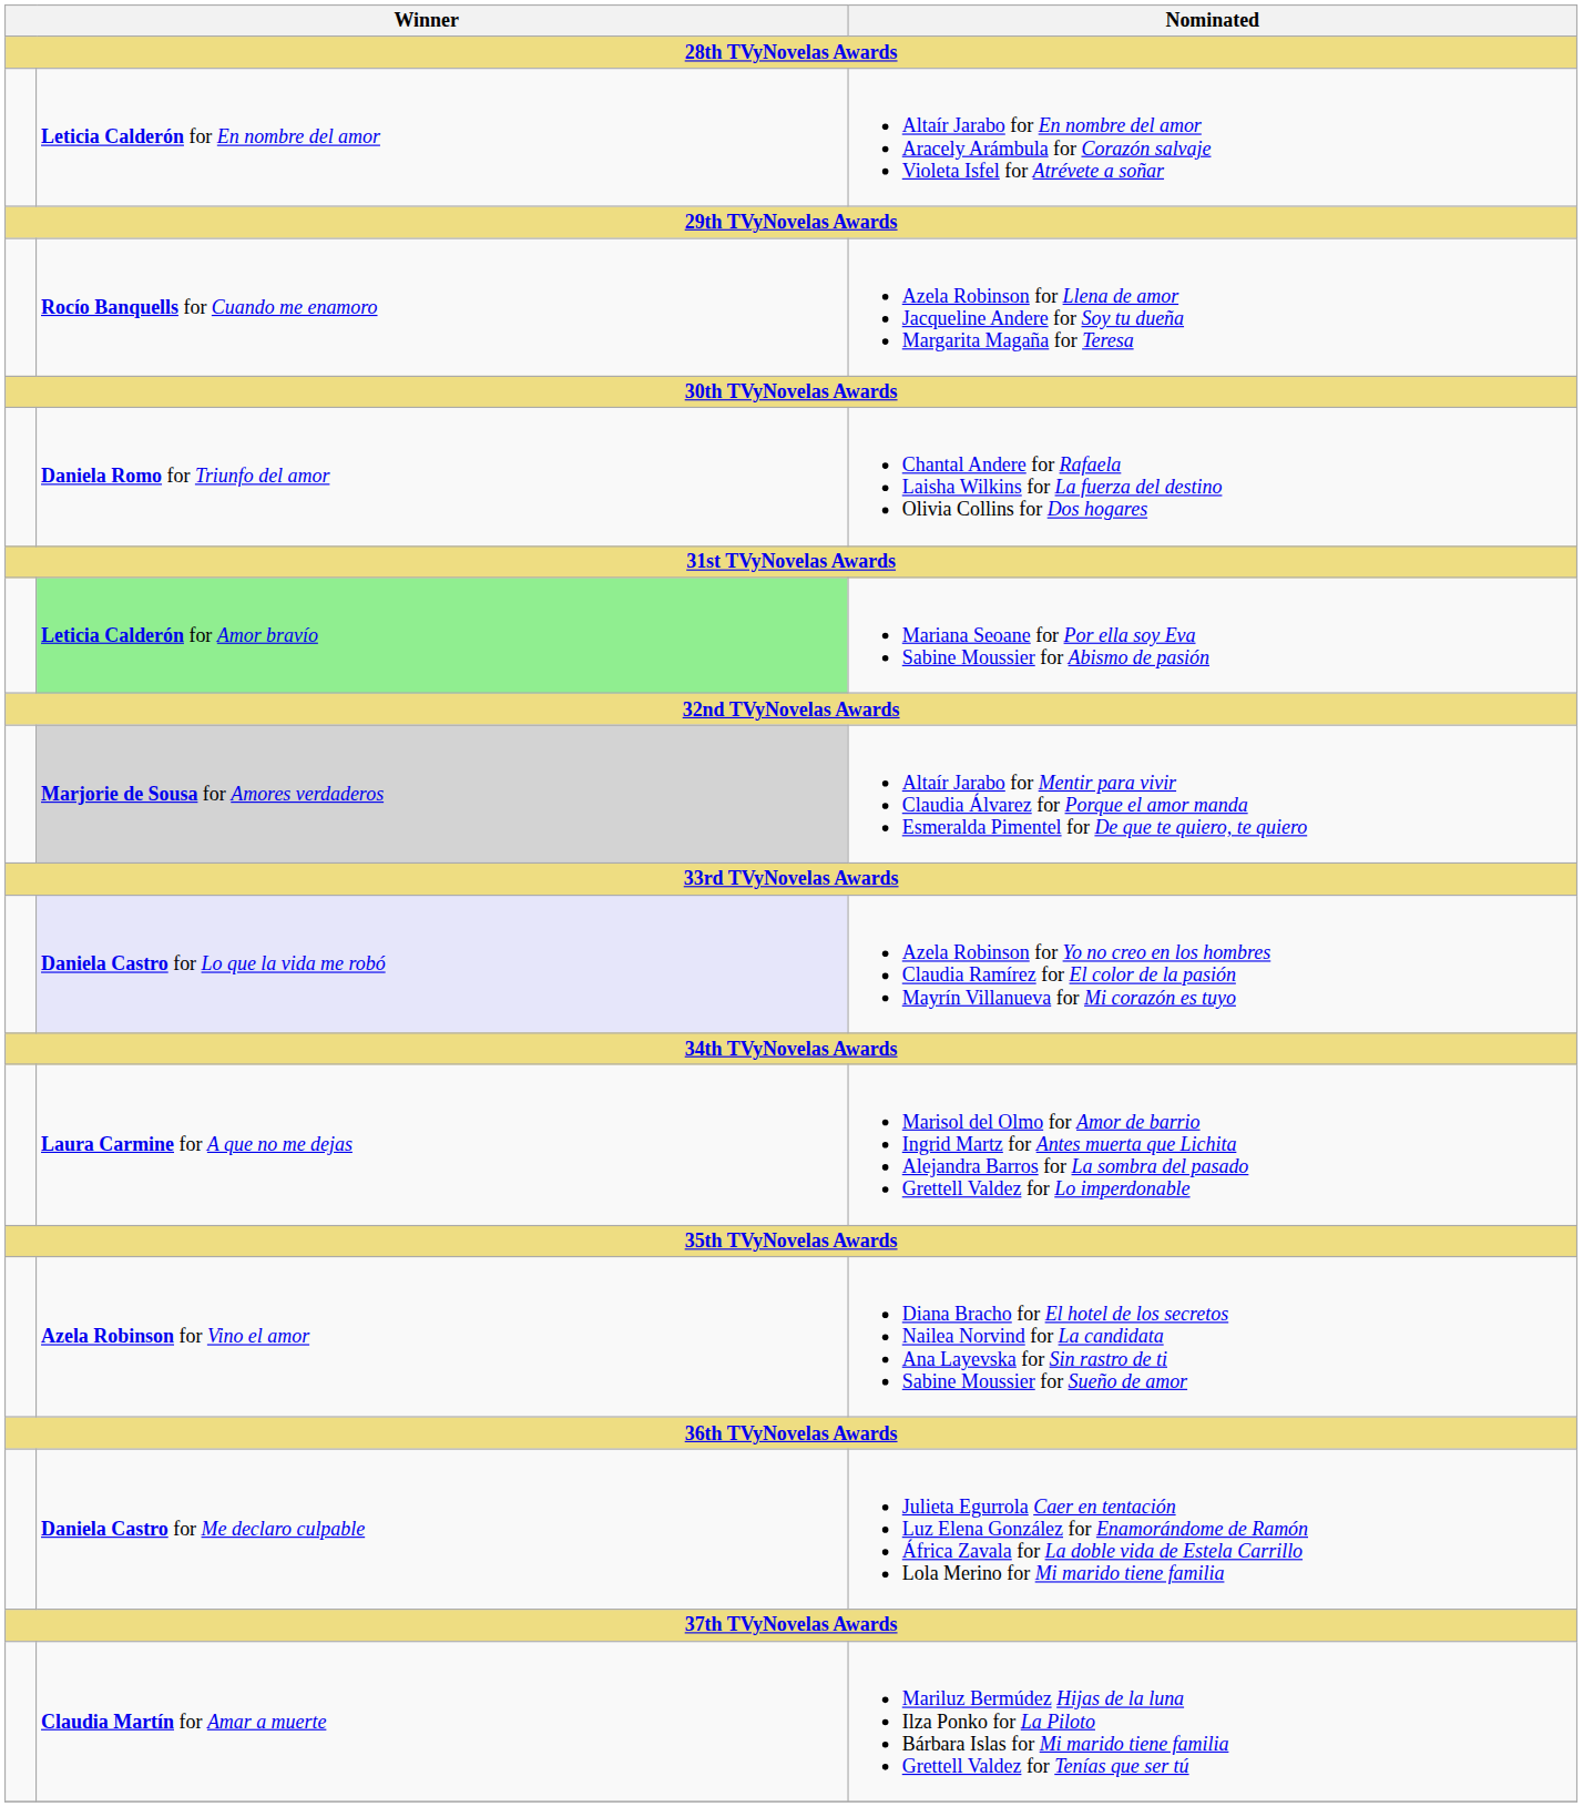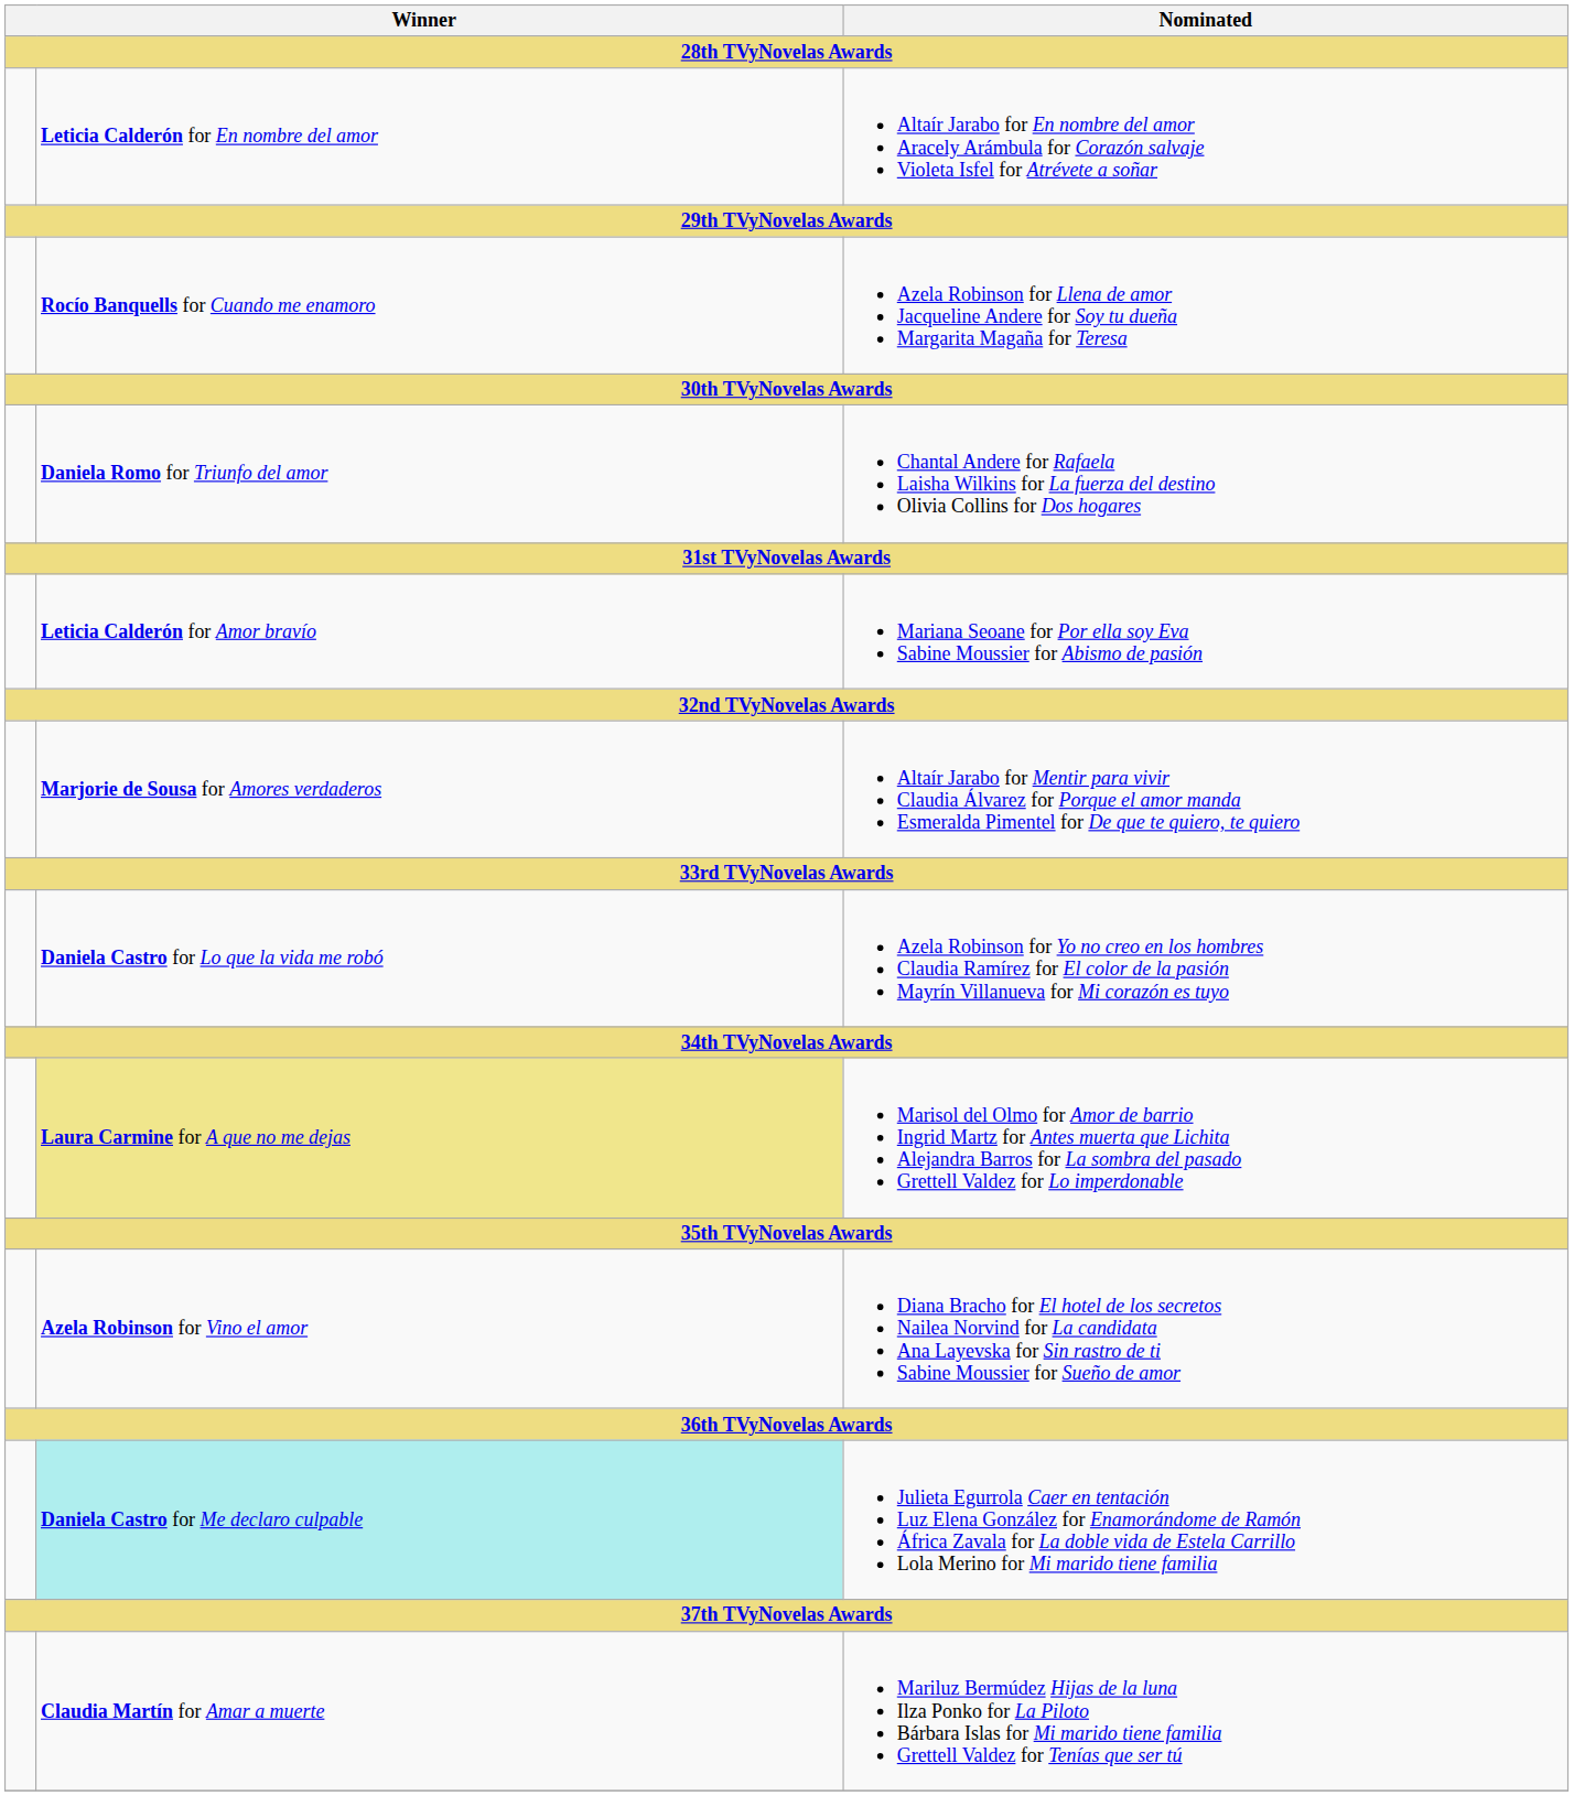 <table class="wikitable" width=80%>
 <tr align=center>
 <th width="150px;" colspan=2; align="center">Winner</th>
 <th width="580px;" align="center">Nominated</th>
 </tr>
 <tr>
 <th colspan=9 style="background:#EEDD82;"  align="center"><strong><a href='#'>28th TVyNovelas Awards</a></strong></th>
 </tr>
 <tr>
 <td width=2%></td>
 <td><strong><a href='#'>Leticia Calderón</a></strong> for <em><a href='#'>En nombre del amor</a></em></td>
 <td><br><ul><li><a href='#'>Altaír Jarabo</a> for <em><a href='#'>En nombre del amor</a></em></li><li><a href='#'>Aracely Arámbula</a> for <em><a href='#'>Corazón salvaje</a></em></li><li><a href='#'>Violeta Isfel</a> for <em><a href='#'>Atrévete a soñar</a></em></li></ul></td>
 </tr>
 <tr>
 <th colspan=9 style="background:#EEDD82;"  align="center"><strong><a href='#'>29th TVyNovelas Awards</a></strong></th>
 </tr>
 <tr>
 <td width=2%></td>
 <td><strong><a href='#'>Rocío Banquells</a></strong> for <em><a href='#'>Cuando me enamoro</a></em></td>
 <td><br><ul><li><a href='#'>Azela Robinson</a> for <em><a href='#'>Llena de amor</a></em></li><li><a href='#'>Jacqueline Andere</a> for <em><a href='#'>Soy tu dueña</a></em></li><li><a href='#'>Margarita Magaña</a> for <em><a href='#'>Teresa</a></em></li></ul></td>
 </tr>
 <tr>
 <th colspan=9 style="background:#EEDD82;"  align="center"><strong><a href='#'>30th TVyNovelas Awards</a></strong></th>
 </tr>
 <tr>
 <td width=2%></td>
 <td><strong><a href='#'>Daniela Romo</a></strong> for <em><a href='#'>Triunfo del amor</a></em></td>
 <td><br><ul><li><a href='#'>Chantal Andere</a> for <em><a href='#'>Rafaela</a></em></li><li><a href='#'>Laisha Wilkins</a> for <em><a href='#'>La fuerza del destino</a></em></li><li>Olivia Collins for <em><a href='#'>Dos hogares</a></em></li></ul></td>
 </tr>
 <tr>
 <th colspan=9 style="background:#EEDD82;"  align="center"><strong><a href='#'>31st TVyNovelas Awards</a></strong></th>
 </tr>
 <tr>
 <td width=2%></td>
-<td style="background: lightgreen;"><strong><a href='#'>Leticia Calderón</a></strong> for <em><a href='#'>Amor bravío</a></em></td>
+<td><strong><a href='#'>Leticia Calderón</a></strong> for <em><a href='#'>Amor bravío</a></em></td>
 <td><br><ul><li><a href='#'>Mariana Seoane</a> for <em><a href='#'>Por ella soy Eva</a></em></li><li><a href='#'>Sabine Moussier</a> for <em><a href='#'>Abismo de pasión</a></em></li></ul></td>
 </tr>
 <tr>
 <th colspan=9 style="background:#EEDD82;"  align="center"><strong><a href='#'>32nd TVyNovelas Awards</a></strong></th>
 </tr>
 <tr>
 <td width=2%></td>
-<td style="background: lightgrey;"><strong><a href='#'>Marjorie de Sousa</a></strong> for <em><a href='#'>Amores verdaderos</a></em></td>
+<td><strong><a href='#'>Marjorie de Sousa</a></strong> for <em><a href='#'>Amores verdaderos</a></em></td>
 <td><br><ul><li><a href='#'>Altaír Jarabo</a> for <em><a href='#'>Mentir para vivir</a></em></li><li><a href='#'>Claudia Álvarez</a> for <em><a href='#'>Porque el amor manda</a></em></li><li><a href='#'>Esmeralda Pimentel</a> for <em><a href='#'>De que te quiero, te quiero</a></em></li></ul></td>
 </tr>
 <tr>
 <th colspan=9 style="background:#EEDD82;"  align="center"><strong><a href='#'>33rd TVyNovelas Awards</a></strong></th>
 </tr>
 <tr>
 <td width=2%></td>
-<td style="background: lavender;"><strong><a href='#'>Daniela Castro</a></strong> for <em><a href='#'>Lo que la vida me robó</a></em></td>
+<td><strong><a href='#'>Daniela Castro</a></strong> for <em><a href='#'>Lo que la vida me robó</a></em></td>
 <td><br><ul><li><a href='#'>Azela Robinson</a> for <em><a href='#'>Yo no creo en los hombres</a></em></li><li><a href='#'>Claudia Ramírez</a> for <em><a href='#'>El color de la pasión</a></em></li><li><a href='#'>Mayrín Villanueva</a> for <em><a href='#'>Mi corazón es tuyo</a></em></li></ul></td>
 </tr>
 <tr>
 <th colspan=9 style="background:#EEDD82;"  align="center"><strong><a href='#'>34th TVyNovelas Awards</a></strong></th>
 </tr>
 <tr>
 <td width=2%></td>
-<td><strong><a href='#'>Laura Carmine</a></strong> for <em><a href='#'>A que no me dejas</a></em></td>
+<td style="background: khaki;"><strong><a href='#'>Laura Carmine</a></strong> for <em><a href='#'>A que no me dejas</a></em></td>
 <td><br><ul><li><a href='#'>Marisol del Olmo</a> for <em><a href='#'>Amor de barrio</a></em></li><li><a href='#'>Ingrid Martz</a> for <em><a href='#'>Antes muerta que Lichita</a></em></li><li><a href='#'>Alejandra Barros</a> for <em><a href='#'>La sombra del pasado</a></em></li><li><a href='#'>Grettell Valdez</a> for <em><a href='#'>Lo imperdonable</a></em></li></ul></td>
 </tr>
 <tr>
 <th colspan=9 style="background:#EEDD82;"  align="center"><strong><a href='#'>35th TVyNovelas Awards</a></strong></th>
 </tr>
 <tr>
 <td width=2%></td>
 <td><strong><a href='#'>Azela Robinson</a></strong> for <em><a href='#'>Vino el amor</a></em></td>
 <td><br><ul><li><a href='#'>Diana Bracho</a> for <em><a href='#'>El hotel de los secretos</a></em></li><li><a href='#'>Nailea Norvind</a> for <em><a href='#'>La candidata</a></em></li><li><a href='#'>Ana Layevska</a> for <em><a href='#'>Sin rastro de ti</a></em></li><li><a href='#'>Sabine Moussier</a> for <em><a href='#'>Sueño de amor</a></em></li></ul></td>
 </tr>
 <tr>
 <th colspan=9 style="background:#EEDD82;"  align="center"><strong><a href='#'>36th TVyNovelas Awards</a></strong></th>
 </tr>
 <tr>
 <td width=2%></td>
-<td><strong><a href='#'>Daniela Castro</a></strong> for <em><a href='#'>Me declaro culpable</a></em></td>
+<td style="background: paleturquoise;"><strong><a href='#'>Daniela Castro</a></strong> for <em><a href='#'>Me declaro culpable</a></em></td>
 <td><br><ul><li><a href='#'>Julieta Egurrola</a> <em><a href='#'>Caer en tentación</a></em></li><li><a href='#'>Luz Elena González</a> for <em><a href='#'>Enamorándome de Ramón</a></em></li><li><a href='#'>África Zavala</a> for <em><a href='#'>La doble vida de Estela Carrillo</a></em></li><li>Lola Merino for <em><a href='#'>Mi marido tiene familia</a></em></li></ul></td>
 </tr>
 <tr>
 <th colspan=9 style="background:#EEDD82;"  align="center"><strong><a href='#'>37th TVyNovelas Awards</a></strong></th>
 </tr>
 <tr>
 <td width=2%></td>
 <td><strong><a href='#'>Claudia Martín</a></strong> for <em><a href='#'>Amar a muerte</a></em></td>
 <td><br><ul><li><a href='#'>Mariluz Bermúdez</a> <em><a href='#'>Hijas de la luna</a></em></li><li>Ilza Ponko for <em><a href='#'>La Piloto</a></em></li><li>Bárbara Islas for <em><a href='#'>Mi marido tiene familia</a></em></li><li><a href='#'>Grettell Valdez</a> for <em><a href='#'>Tenías que ser tú</a></em></li></ul></td>
 </tr>
 <tr>
 </tr>
 </table>
